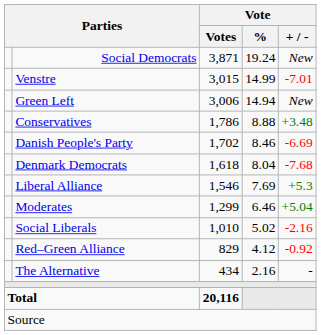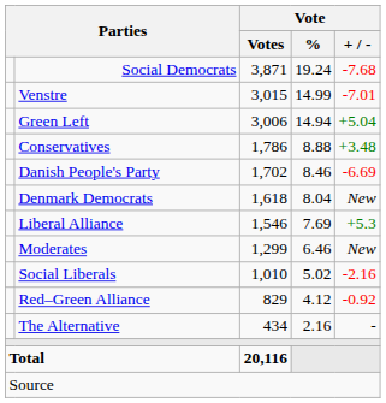 <table class="wikitable" style="text-align:right;">
 <tr>
 <th style="text-align:centre;" rowspan="2" colspan="2" width="225">Parties</th>
 <th colspan="3">Vote</th>
 </tr>
 <tr>
 <th width="15">Votes</th>
 <th width="15">%</th>
 <th width="15">+ / -</th>
 </tr>
 <tr>
 <td width=2 bgcolor=></td>
 <td><a href='#'>Social Democrats</a></td>
 <td>3,871</td>
 <td>19.24</td>
-<td><em>New</em></td>
+<td style=color:red;>-7.68</td>
 </tr>
 <tr>
 <td width=2 bgcolor=></td>
 <td align=left><a href='#'>Venstre</a></td>
 <td>3,015</td>
 <td>14.99</td>
 <td style=color:red;>-7.01</td>
 </tr>
 <tr>
 <td width=2 bgcolor=></td>
 <td align=left><a href='#'>Green Left</a></td>
 <td>3,006</td>
 <td>14.94</td>
-<td><em>New</em></td>
+<td style=color:green;>+5.04</td>
 </tr>
 <tr>
 <td width=2 bgcolor=></td>
 <td align=left><a href='#'>Conservatives</a></td>
 <td>1,786</td>
 <td>8.88</td>
 <td style=color:green;>+3.48</td>
 </tr>
 <tr>
 <td width=2 bgcolor=></td>
 <td align=left><a href='#'>Danish People's Party</a></td>
 <td>1,702</td>
 <td>8.46</td>
 <td style=color:red;>-6.69</td>
 </tr>
 <tr>
 <td width=2 bgcolor=></td>
 <td align=left><a href='#'>Denmark Democrats</a></td>
 <td>1,618</td>
 <td>8.04</td>
-<td style=color:red;>-7.68</td>
+<td><em>New</em></td>
 </tr>
 <tr>
 <td width=2 bgcolor=></td>
 <td align=left><a href='#'>Liberal Alliance</a></td>
 <td>1,546</td>
 <td>7.69</td>
 <td style=color:green;>+5.3</td>
 </tr>
 <tr>
 <td width=2 bgcolor=></td>
 <td align=left><a href='#'>Moderates</a></td>
 <td>1,299</td>
 <td>6.46</td>
-<td style=color:green;>+5.04</td>
+<td><em>New</em></td>
 </tr>
 <tr>
 <td width=2 bgcolor=></td>
 <td align=left><a href='#'>Social Liberals</a></td>
 <td>1,010</td>
 <td>5.02</td>
 <td style=color:red;>-2.16</td>
 </tr>
 <tr>
 <td width=2 bgcolor=></td>
 <td align=left><a href='#'>Red–Green Alliance</a></td>
 <td>829</td>
 <td>4.12</td>
 <td style=color:red;>-0.92</td>
 </tr>
 <tr>
 <td width=2 bgcolor=></td>
 <td align=left><a href='#'>The Alternative</a></td>
 <td>434</td>
 <td>2.16</td>
 <td style=color:black;>-</td>
 </tr>
 <tr>
 <td colspan="7" bgcolor="#E9E9E9"></td>
 </tr>
 <tr>
 <td align="left" colspan="2"><strong>Total</strong></td>
 <td><strong>20,116</strong></td>
 <td bgcolor=#E9E9E9 colspan=2></td>
 </tr>
 <tr>
 <td align="left" colspan="6">Source</td>
 </tr>
 </table>
